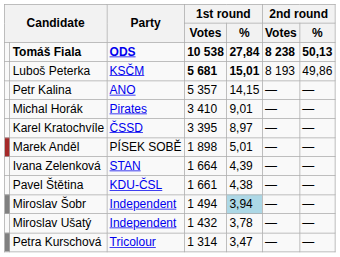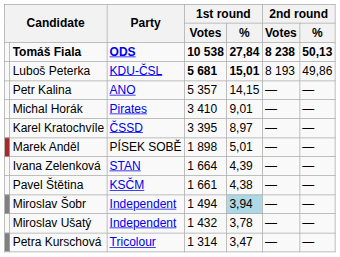 <table class="wikitable sortable">
 <tr>
 <th colspan="2" rowspan="2">Candidate</th>
 <th rowspan="2">Party</th>
 <th colspan="2">1st round</th>
 <th colspan="2">2nd round</th>
 </tr>
 <tr>
 <th>Votes</th>
 <th>%</th>
 <th>Votes</th>
 <th>%</th>
 </tr>
 <tr>
 <td style="background-color:"></td>
 <td><strong>Tomáš Fiala</strong></td>
 <td><a href='#'><strong>ODS</strong></a></td>
 <td><strong>10 538</strong></td>
 <td><strong>27,84</strong></td>
 <td><strong>8 238</strong></td>
 <td><strong>50,13</strong></td>
 </tr>
 <tr>
 <td style="background-color:"></td>
 <td>Luboš Peterka</td>
-<td><a href='#'>KSČM</a></td>
+<td><a href='#'>KDU-ČSL</a></td>
 <td><strong>5 681</strong></td>
 <td><strong>15,01</strong></td>
 <td>8 193</td>
 <td>49,86</td>
 </tr>
 <tr>
 <td style="background-color:"></td>
 <td>Petr Kalina</td>
 <td><a href='#'>ANO</a></td>
 <td>5 357</td>
 <td>14,15</td>
 <td>—</td>
 <td>—</td>
 </tr>
 <tr>
 <td style="background-color:"></td>
 <td>Michal Horák</td>
 <td><a href='#'>Pirates</a></td>
 <td>3 410</td>
 <td>9,01</td>
 <td>—</td>
 <td>—</td>
 </tr>
 <tr>
 <td style="background-color:"></td>
 <td>Karel Kratochvíle</td>
 <td><a href='#'>ČSSD</a></td>
 <td>3 395</td>
 <td>8,97</td>
 <td>—</td>
 <td>—</td>
 </tr>
 <tr>
 <td style="background-color:brown"></td>
 <td>Marek Anděl</td>
 <td>PÍSEK SOBĚ</td>
 <td>1 898</td>
 <td>5,01</td>
 <td>—</td>
 <td>—</td>
 </tr>
 <tr>
 <td style="background-color:"></td>
 <td>Ivana Zelenková</td>
 <td><a href='#'>STAN</a></td>
 <td>1 664</td>
 <td>4,39</td>
 <td>—</td>
 <td>—</td>
 </tr>
 <tr>
 <td style="background-color:"></td>
 <td>Pavel Štětina</td>
-<td><a href='#'>KDU-ČSL</a></td>
+<td><a href='#'>KSČM</a></td>
 <td>1 661</td>
 <td>4,38</td>
 <td>—</td>
 <td>—</td>
 </tr>
 <tr>
 <td style="background-color:gray;"></td>
 <td>Miroslav Šobr</td>
 <td><a href='#'>Independent</a></td>
 <td>1 494</td>
 <td style="background: lightblue;">3,94</td>
 <td>—</td>
 <td>—</td>
 </tr>
 <tr>
 <td style="background-color:"></td>
 <td>Miroslav Ušatý</td>
 <td><a href='#'>Independent</a></td>
 <td>1 432</td>
 <td>3,78</td>
 <td>—</td>
 <td>—</td>
 </tr>
 <tr>
 <td style="background-color:gray;"></td>
 <td>Petra Kurschová</td>
 <td><a href='#'>Tricolour</a></td>
 <td>1 314</td>
 <td>3,47</td>
 <td>—</td>
 <td>—</td>
 </tr>
 </table>
